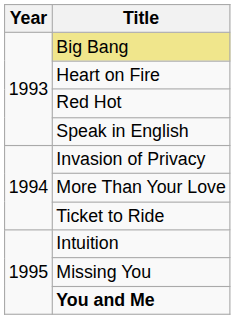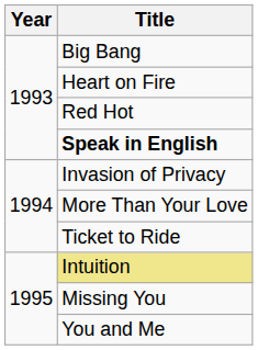 <table class="wikitable">
 <tr>
 <th>Year</th>
 <th>Title</th>
 </tr>
 <tr>
 <td rowspan="4">1993</td>
-<td style="background: khaki;">Big Bang</td>
+<td>Big Bang</td>
 </tr>
 <tr>
 <td>Heart on Fire</td>
 </tr>
 <tr>
 <td>Red Hot</td>
 </tr>
 <tr>
-<td>Speak in English</td>
+<td><strong>Speak in English</strong></td>
 </tr>
 <tr>
 <td rowspan="3">1994</td>
 <td>Invasion of Privacy</td>
 </tr>
 <tr>
 <td>More Than Your Love</td>
 </tr>
 <tr>
 <td>Ticket to Ride</td>
 </tr>
 <tr>
 <td rowspan="3">1995</td>
-<td>Intuition</td>
+<td style="background: khaki;">Intuition</td>
 </tr>
 <tr>
 <td>Missing You</td>
 </tr>
 <tr>
-<td><strong>You and Me</strong></td>
+<td>You and Me</td>
 </tr>
 </table>
